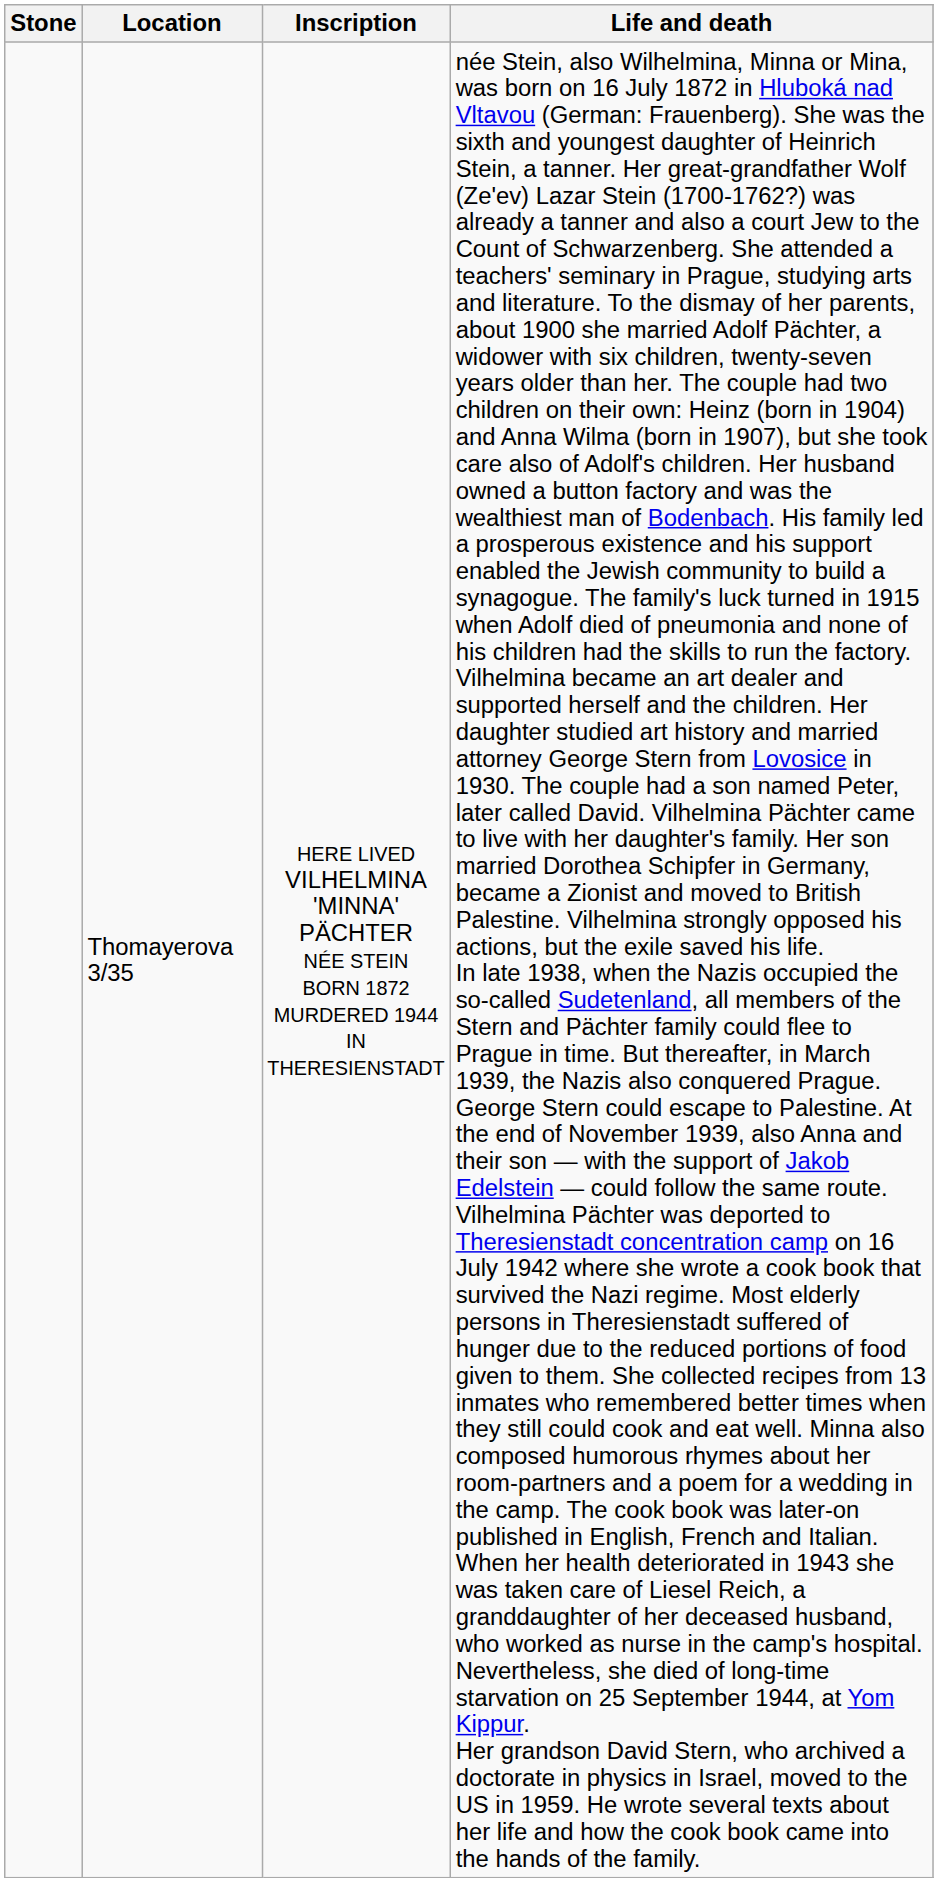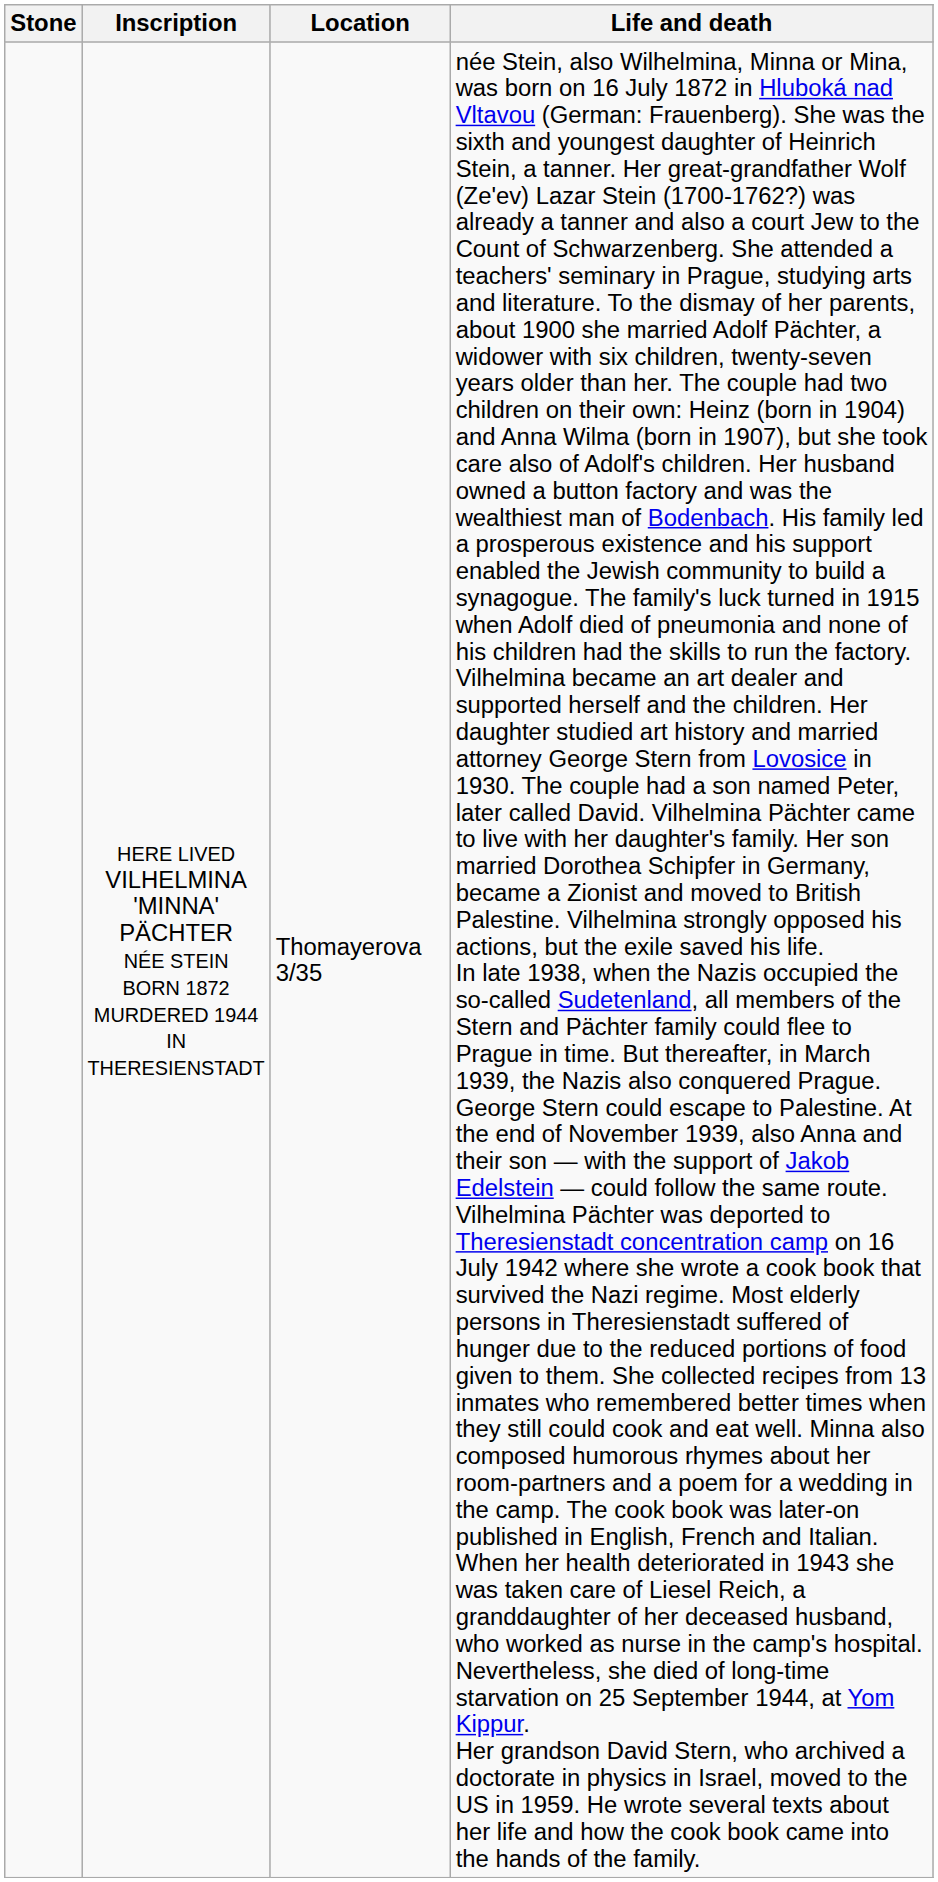 <table class="wikitable sortable toptextcells" style="width:100%">
 <tr>
 <th class="hintergrundfarbe6 unsortable" width="120px">Stone</th>
+<th class="hintergrundfarbe6 unsortable" style ="width:20%;">Inscription</th>
 <th class="hintergrundfarbe6" data-sort-type="text" style ="width:20%;">Location</th>
-<th class="hintergrundfarbe6 unsortable" style ="width:20%;">Inscription</th>
 <th class="hintergrundfarbe6" style="width:100%;">Life and death</th>
 </tr>
 <tr>
 <td></td>
+<td style="text-align:center"><div><small>HERE LIVED</small><br>VILHELMINA 'MINNA'<br>PÄCHTER<br><small>NÉE STEIN<br>BORN 1872<br>MURDERED 1944<br>IN THERESIENSTADT</small></div></td>
 <td>Thomayerova 3/35<br></td>
-<td style="text-align:center"><div><small>HERE LIVED</small><br>VILHELMINA 'MINNA'<br>PÄCHTER<br><small>NÉE STEIN<br>BORN 1872<br>MURDERED 1944<br>IN THERESIENSTADT</small></div></td>
 <td><strong></strong> née Stein, also Wilhelmina, Minna or Mina, was born on 16 July 1872 in <a href='#'>Hluboká nad Vltavou</a>  (German: Frauenberg). She was the sixth and youngest daughter of Heinrich Stein, a tanner. Her great-grandfather Wolf (Ze'ev) Lazar Stein (1700-1762?) was already a tanner and also a court Jew to the Count of Schwarzenberg. She attended a teachers' seminary in Prague, studying arts and literature. To the dismay of her parents, about 1900 she married Adolf Pächter, a widower with six children, twenty-seven years older than her. The couple had two children on their own: Heinz (born in 1904) and Anna Wilma (born in 1907), but she took care also of Adolf's children. Her husband owned a button factory and was the wealthiest man of <a href='#'>Bodenbach</a>. His family led a prosperous existence and his support enabled the Jewish community to build a synagogue. The family's luck turned in 1915 when Adolf died of pneumonia and none of his children had the skills to run the factory. Vilhelmina became an art dealer and supported herself and the children. Her daughter studied art history and married attorney George Stern from <a href='#'>Lovosice</a> in 1930. The couple had a son named Peter, later called David. Vilhelmina Pächter came to live with her daughter's family. Her son married Dorothea Schipfer in Germany, became a Zionist and moved to British Palestine. Vilhelmina strongly opposed his actions, but the exile saved his life.<br>In late 1938, when the Nazis occupied the so-called <a href='#'>Sudetenland</a>, all members of the Stern and Pächter family could flee to Prague in time. But thereafter, in March 1939, the Nazis also conquered Prague. George Stern could escape to Palestine. At the end of November 1939, also Anna and their son — with the support of <a href='#'>Jakob Edelstein</a> — could follow the same route. Vilhelmina Pächter was deported to <a href='#'>Theresienstadt concentration camp</a> on 16 July 1942 where she wrote a cook book that survived the Nazi regime. Most elderly persons in Theresienstadt suffered of hunger due to the reduced portions of food given to them.  She collected recipes from 13 inmates who remembered better times when they still could cook and eat well. Minna also composed humorous rhymes about her room-partners and a poem for a wedding in the camp. The cook book was later-on published in English, French and Italian. When her health deteriorated in 1943 she was taken care of Liesel Reich, a granddaughter of her deceased husband, who worked as nurse in the camp's hospital. Nevertheless, she died of long-time starvation on 25 September 1944, at <a href='#'>Yom Kippur</a>.<br>Her grandson David Stern, who archived a doctorate in physics in Israel, moved to the US in 1959. He wrote several texts about her life and how the cook book came into the hands of the family.</td>
 </tr>
 </table>
